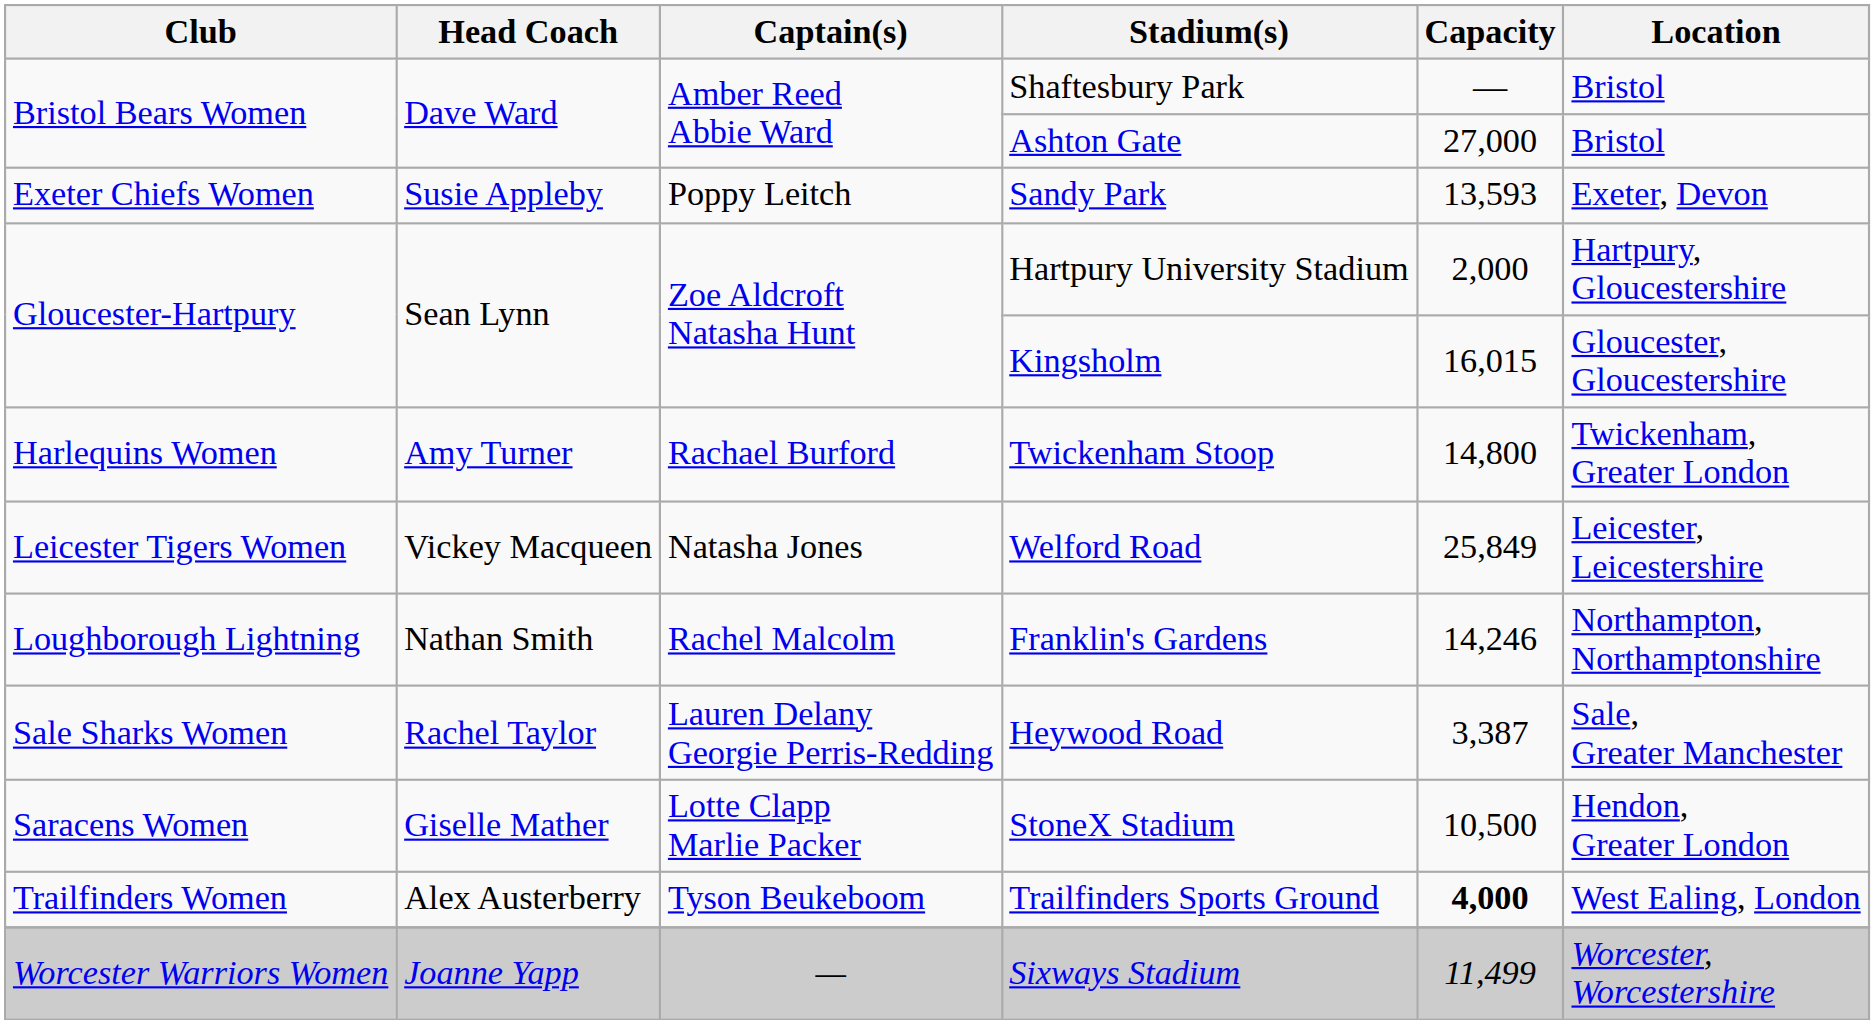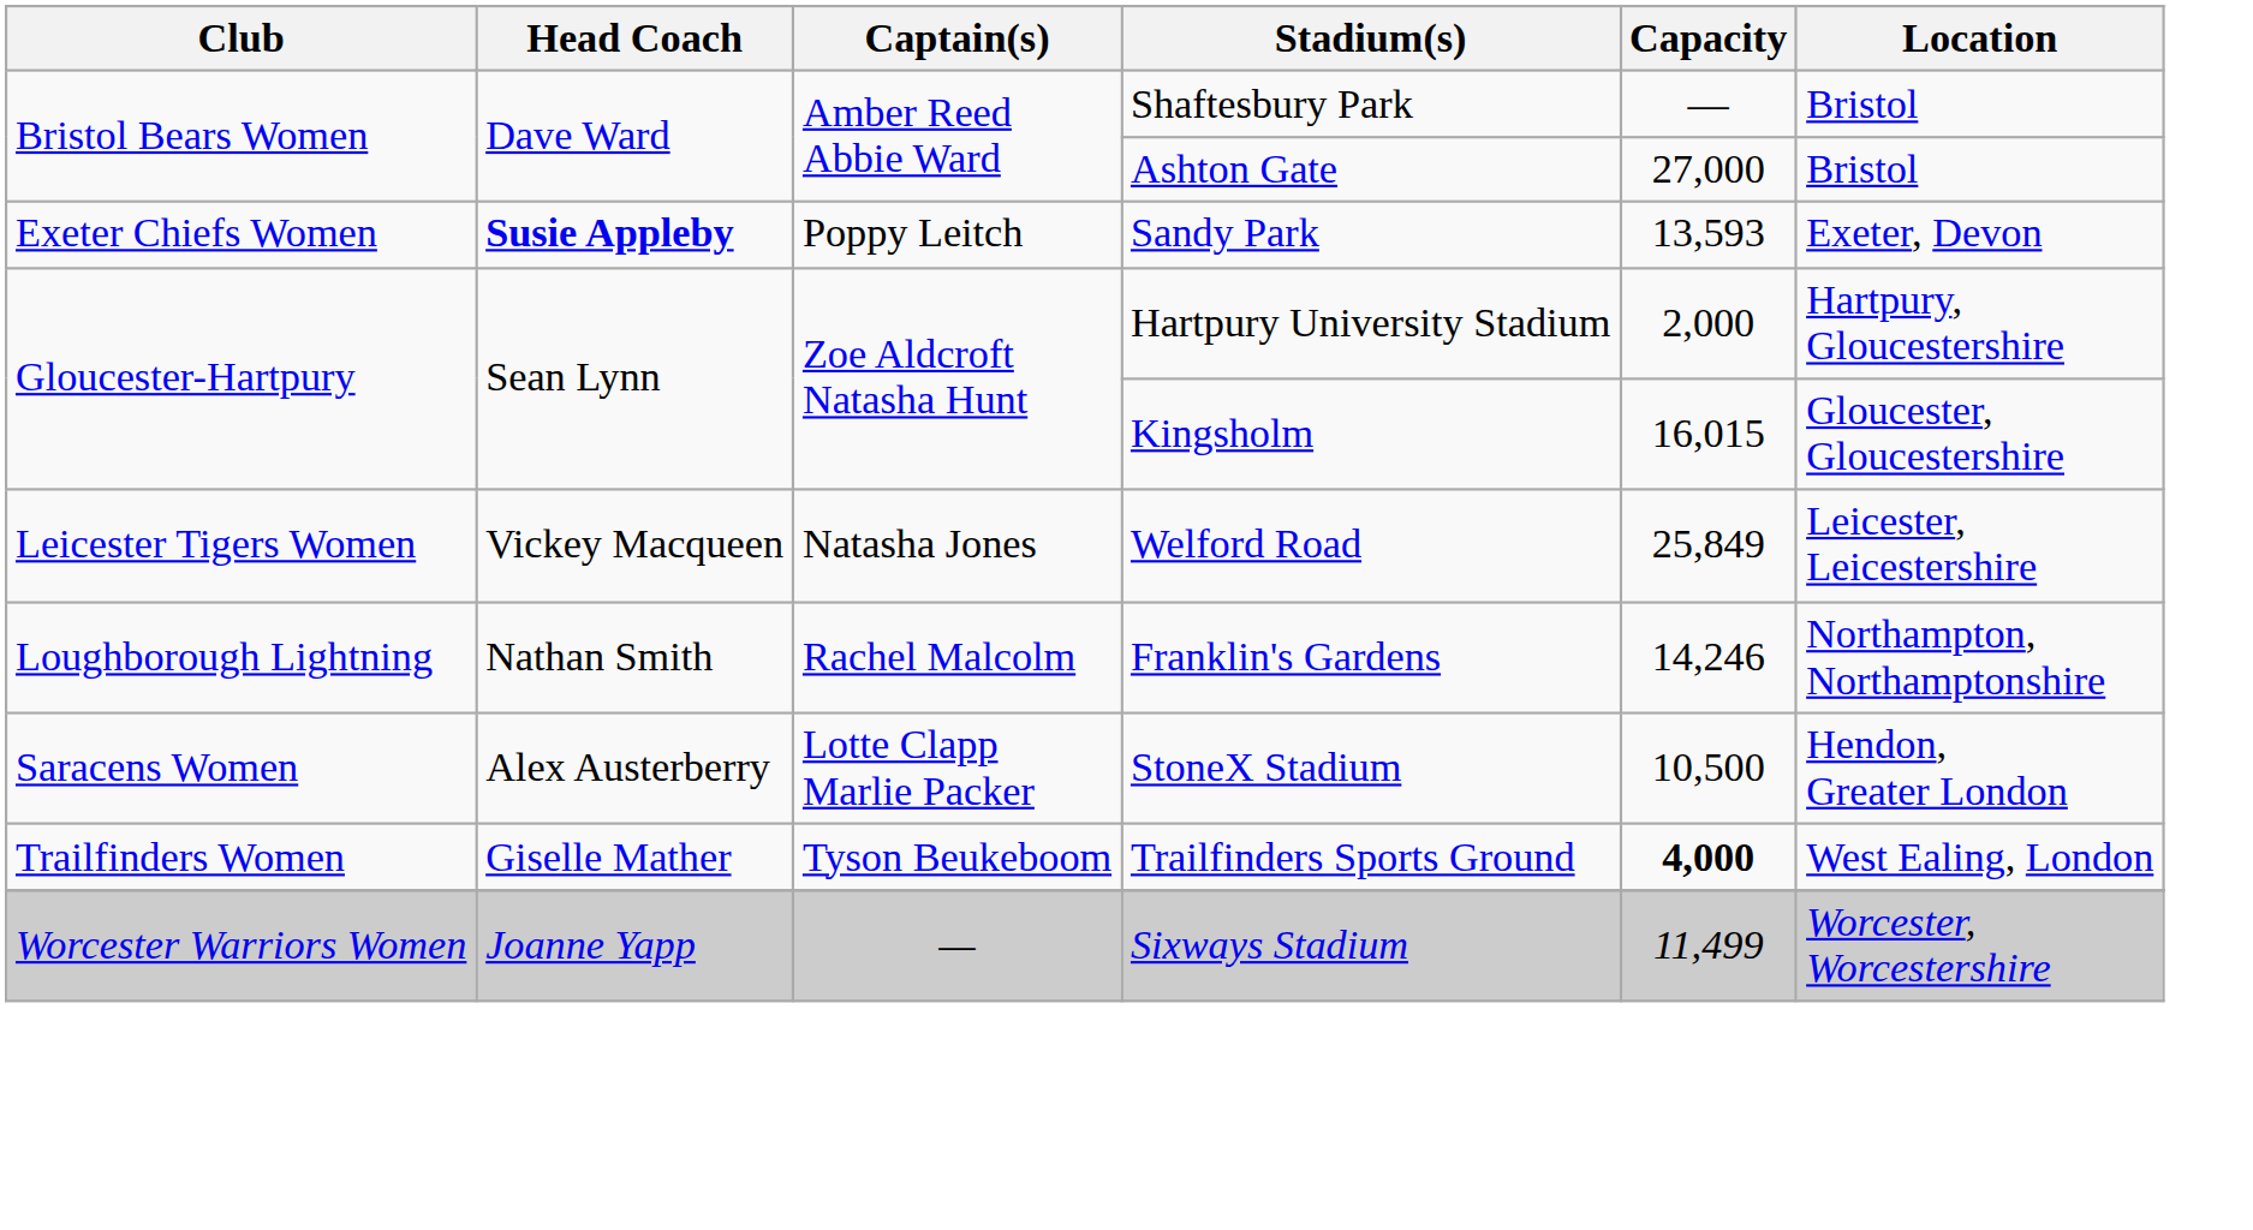 <table class="wikitable sortable">
 <tr>
 <th>Club</th>
 <th>Head Coach</th>
 <th>Captain(s)</th>
 <th>Stadium(s)</th>
 <th>Capacity</th>
 <th>Location</th>
 </tr>
 <tr>
 <td rowspan=2><a href='#'>Bristol Bears Women</a></td>
 <td rowspan=2> <a href='#'>Dave Ward</a></td>
 <td rowspan=2> <a href='#'>Amber Reed</a><br> <a href='#'>Abbie Ward</a></td>
 <td>Shaftesbury Park</td>
 <td align=center>—</td>
 <td><a href='#'>Bristol</a></td>
 </tr>
 <tr>
 <td><a href='#'>Ashton Gate</a></td>
 <td align=center>27,000</td>
 <td><a href='#'>Bristol</a></td>
 </tr>
 <tr>
 <td><a href='#'>Exeter Chiefs Women</a></td>
-<td> <a href='#'>Susie Appleby</a></td>
+<td><strong> <a href='#'>Susie Appleby</a></strong></td>
 <td> Poppy Leitch</td>
 <td><a href='#'>Sandy Park</a></td>
 <td align=center>13,593</td>
 <td><a href='#'>Exeter</a>, <a href='#'>Devon</a></td>
 </tr>
 <tr>
 <td rowspan=2><a href='#'>Gloucester-Hartpury</a></td>
 <td rowspan=2> Sean Lynn</td>
 <td rowspan=2> <a href='#'>Zoe Aldcroft</a><br> <a href='#'>Natasha Hunt</a></td>
 <td>Hartpury University Stadium</td>
 <td align=center>2,000</td>
 <td><a href='#'>Hartpury</a>,<br><a href='#'>Gloucestershire</a></td>
 </tr>
 <tr>
 <td><a href='#'>Kingsholm</a></td>
 <td align=center>16,015</td>
 <td><a href='#'>Gloucester</a>,<br><a href='#'>Gloucestershire</a></td>
 </tr>
 <tr>
-<td><a href='#'>Harlequins Women</a></td>
-<td> <a href='#'>Amy Turner</a></td>
-<td> <a href='#'>Rachael Burford</a></td>
-<td><a href='#'>Twickenham Stoop</a></td>
-<td align=center>14,800</td>
-<td><a href='#'>Twickenham</a>,<br><a href='#'>Greater London</a></td>
-</tr>
-<tr>
 <td><a href='#'>Leicester Tigers Women</a></td>
 <td> Vickey Macqueen</td>
 <td> Natasha Jones</td>
 <td><a href='#'>Welford Road</a></td>
 <td align=center>25,849</td>
 <td><a href='#'>Leicester</a>,<br><a href='#'>Leicestershire</a></td>
 </tr>
 <tr>
 <td><a href='#'>Loughborough Lightning</a></td>
 <td> Nathan Smith</td>
 <td> <a href='#'>Rachel Malcolm</a></td>
 <td><a href='#'>Franklin's Gardens</a></td>
 <td align=center>14,246</td>
 <td><a href='#'>Northampton</a>,<br><a href='#'>Northamptonshire</a></td>
 </tr>
 <tr>
-<td><a href='#'>Sale Sharks Women</a></td>
-<td> <a href='#'>Rachel Taylor</a></td>
-<td> <a href='#'>Lauren Delany</a><br> <a href='#'>Georgie Perris-Redding</a></td>
-<td><a href='#'>Heywood Road</a></td>
-<td align=center>3,387</td>
-<td><a href='#'>Sale</a>,<br><a href='#'>Greater Manchester</a></td>
-</tr>
-<tr>
 <td><a href='#'>Saracens Women</a></td>
-<td> <a href='#'>Giselle Mather</a></td>
+<td> Alex Austerberry</td>
 <td> <a href='#'>Lotte Clapp</a><br> <a href='#'>Marlie Packer</a></td>
 <td><a href='#'>StoneX Stadium</a></td>
 <td align=center>10,500</td>
 <td><a href='#'>Hendon</a>,<br><a href='#'>Greater London</a></td>
 </tr>
 <tr>
 <td><a href='#'>Trailfinders Women</a></td>
-<td> Alex Austerberry</td>
+<td> <a href='#'>Giselle Mather</a></td>
 <td> <a href='#'>Tyson Beukeboom</a></td>
 <td><a href='#'>Trailfinders Sports Ground</a></td>
 <td align=center><strong>4,000</strong></td>
 <td><a href='#'>West Ealing</a>, <a href='#'>London</a></td>
 </tr>
 <tr>
 </tr>
 <tr style="background-color:#cccccc;">
 <td><em><a href='#'>Worcester Warriors Women</a></em></td>
 <td> <em><a href='#'>Joanne Yapp</a></em></td>
 <td align=center><em>—</em></td>
 <td><em><a href='#'>Sixways Stadium</a></em></td>
 <td align=center><em>11,499</em></td>
 <td><em><a href='#'>Worcester</a>,<br><a href='#'>Worcestershire</a></em></td>
 </tr>
 </table>
